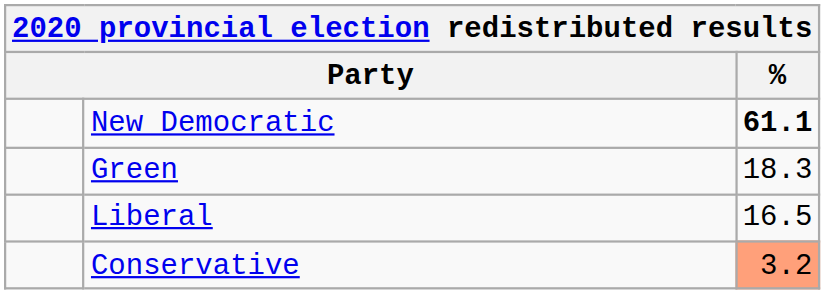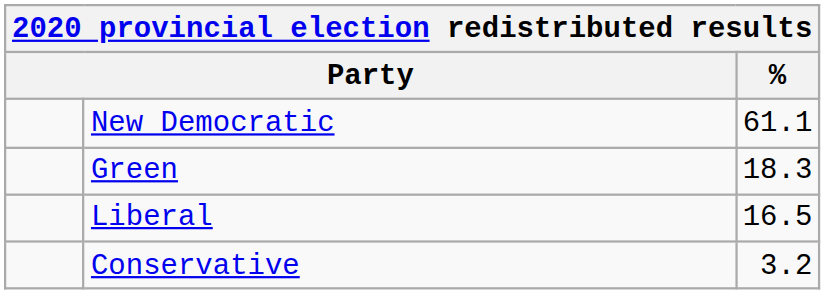 <table class="wikitable">
 <tr>
 <th colspan="4"><a href='#'>2020 provincial election</a> redistributed results</th>
 </tr>
 <tr>
 <th bgcolor="#DDDDFF" width="130px" colspan="2">Party</th>
 <th bgcolor="#DDDDFF" width="30px">%</th>
 </tr>
 <tr>
 <td> </td>
 <td><a href='#'>New Democratic</a></td>
-<td align=right><strong>61.1</strong></td>
+<td align=right>61.1</td>
 </tr>
 <tr>
 <td> </td>
 <td><a href='#'>Green</a></td>
 <td align=right>18.3</td>
 </tr>
 <tr>
 <td> </td>
 <td><a href='#'>Liberal</a></td>
 <td align=right>16.5</td>
 </tr>
 <tr>
 <td> </td>
 <td><a href='#'>Conservative</a></td>
-<td align=right style="background: lightsalmon;">3.2</td>
+<td align=right>3.2</td>
 </tr>
 </table>
